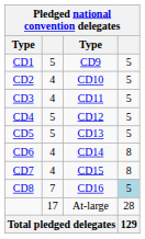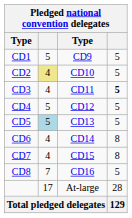 <table class="wikitable sortable" style="font-size:90%;text-align:center;float:none;padding:5px;">
 <tr>
 <th colspan="4">Pledged <a href='#'>national<br>convention</a> delegates</th>
 </tr>
 <tr>
 <th>Type</th>
 <th></th>
 <th>Type</th>
 <th></th>
 </tr>
 <tr>
 <td><a href='#'>CD1</a></td>
 <td>5</td>
 <td><a href='#'>CD9</a></td>
 <td>5</td>
 </tr>
 <tr>
 <td><a href='#'>CD2</a></td>
-<td>4</td>
+<td style="background: khaki;">4</td>
 <td><a href='#'>CD10</a></td>
 <td>5</td>
 </tr>
 <tr>
 <td><a href='#'>CD3</a></td>
 <td>4</td>
 <td><a href='#'>CD11</a></td>
-<td>5</td>
+<td><strong>5</strong></td>
 </tr>
 <tr>
 <td><a href='#'>CD4</a></td>
 <td>5</td>
 <td><a href='#'>CD12</a></td>
 <td>5</td>
 </tr>
 <tr>
 <td><a href='#'>CD5</a></td>
-<td>5</td>
+<td style="background: lightblue;">5</td>
 <td><a href='#'>CD13</a></td>
 <td>5</td>
 </tr>
 <tr>
 <td><a href='#'>CD6</a></td>
 <td>4</td>
 <td><a href='#'>CD14</a></td>
 <td>8</td>
 </tr>
 <tr>
 <td><a href='#'>CD7</a></td>
 <td>4</td>
 <td><a href='#'>CD15</a></td>
 <td>8</td>
 </tr>
 <tr>
 <td><a href='#'>CD8</a></td>
 <td>7</td>
 <td><a href='#'>CD16</a></td>
-<td style="background: lightblue;">5</td>
+<td>5</td>
 </tr>
 <tr>
 <td></td>
 <td>17</td>
 <td>At-large</td>
 <td>28</td>
 </tr>
 <tr>
 <th colspan="3">Total pledged delegates</th>
 <th>129</th>
 </tr>
 </table>
